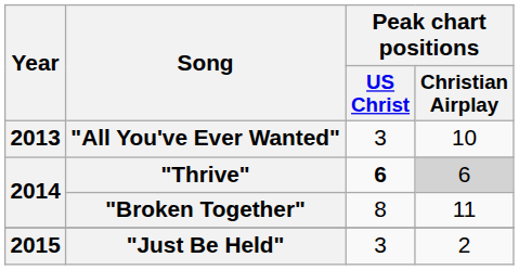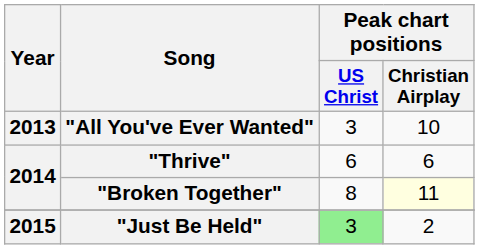 <table class="wikitable plainrowheaders" style="text-align:center;">
 <tr>
 <th scope="col" rowspan="2">Year</th>
 <th scope="col" rowspan="2">Song</th>
 <th scope="col" colspan="3">Peak chart positions</th>
 </tr>
 <tr>
 <th style="width:3em; font-size:90%"><a href='#'>US Christ</a><br></th>
 <th style="width:3em; font-size:90%">Christian Airplay<br></th>
 </tr>
 <tr>
 <th scope="row">2013</th>
 <th scope="row">"All You've Ever Wanted"</th>
 <td>3</td>
 <td>10</td>
 </tr>
 <tr>
 <th scope="row" rowspan="2">2014</th>
 <th scope="row">"Thrive"</th>
-<td><strong>6</strong></td>
-<td style="background: lightgrey;">6</td>
+<td>6</td>
+<td>6</td>
 </tr>
 <tr>
 <th scope="row">"Broken Together"</th>
 <td>8</td>
-<td>11</td>
+<td style="background: lightyellow;">11</td>
 </tr>
 <tr>
 </tr>
 <tr>
 <th scope="row">2015</th>
 <th scope="row">"Just Be Held"</th>
-<td>3</td>
+<td style="background: lightgreen;">3</td>
 <td>2</td>
 </tr>
 </table>
